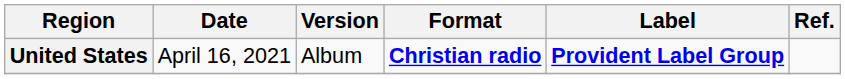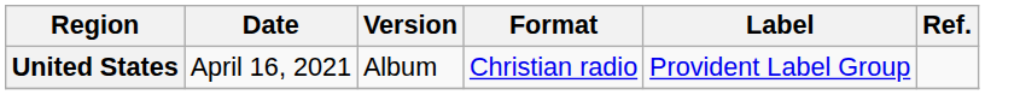 <table class="wikitable plainrowheaders">
 <tr>
 <th scope="col">Region</th>
 <th scope="col">Date</th>
 <th scope="col">Version</th>
 <th scope="col">Format</th>
 <th scope="col">Label</th>
 <th scope="col">Ref.</th>
 </tr>
 <tr>
 <th scope="row">United States</th>
 <td>April 16, 2021</td>
 <td>Album</td>
-<td><strong><a href='#'>Christian radio</a></strong></td>
-<td><strong><a href='#'>Provident Label Group</a></strong></td>
+<td><a href='#'>Christian radio</a></td>
+<td><a href='#'>Provident Label Group</a></td>
 <td></td>
 </tr>
 <tr>
 </tr>
 </table>
